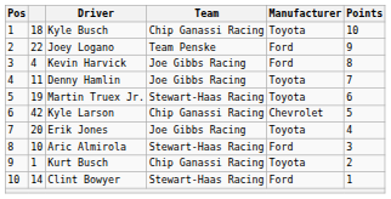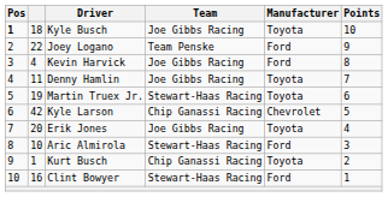 <table class="wikitable" style="font-size:98%">
 <tr>
 <th>Pos</th>
 <th></th>
 <th>Driver</th>
 <th>Team</th>
 <th>Manufacturer</th>
 <th>Points</th>
 </tr>
 <tr>
-<td>1</td>
+<td><strong>1</strong></td>
 <td>18</td>
 <td>Kyle Busch</td>
-<td>Chip Ganassi Racing</td>
+<td>Joe Gibbs Racing</td>
 <td>Toyota</td>
 <td>10</td>
 </tr>
 <tr>
 <td>2</td>
 <td>22</td>
 <td>Joey Logano</td>
 <td>Team Penske</td>
 <td>Ford</td>
 <td>9</td>
 </tr>
 <tr>
 <td>3</td>
 <td>4</td>
 <td>Kevin Harvick</td>
 <td>Joe Gibbs Racing</td>
 <td>Ford</td>
 <td>8</td>
 </tr>
 <tr>
 <td>4</td>
 <td>11</td>
 <td>Denny Hamlin</td>
 <td>Joe Gibbs Racing</td>
 <td>Toyota</td>
 <td>7</td>
 </tr>
 <tr>
 <td>5</td>
 <td>19</td>
 <td>Martin Truex Jr.</td>
 <td>Stewart-Haas Racing</td>
 <td>Toyota</td>
 <td>6</td>
 </tr>
 <tr>
 <td>6</td>
 <td>42</td>
 <td>Kyle Larson</td>
 <td>Chip Ganassi Racing</td>
 <td>Chevrolet</td>
 <td>5</td>
 </tr>
 <tr>
 <td>7</td>
 <td>20</td>
 <td>Erik Jones</td>
 <td>Joe Gibbs Racing</td>
 <td>Toyota</td>
 <td>4</td>
 </tr>
 <tr>
 <td>8</td>
 <td>10</td>
 <td>Aric Almirola</td>
 <td>Stewart-Haas Racing</td>
 <td>Ford</td>
 <td>3</td>
 </tr>
 <tr>
 <td>9</td>
 <td>1</td>
 <td>Kurt Busch</td>
 <td>Chip Ganassi Racing</td>
 <td>Toyota</td>
 <td>2</td>
 </tr>
 <tr>
 <td>10</td>
-<td>14</td>
+<td>16</td>
 <td>Clint Bowyer</td>
 <td>Stewart-Haas Racing</td>
 <td>Ford</td>
 <td>1</td>
 </tr>
 <tr>
 <th colspan="6"></th>
 </tr>
 </table>
